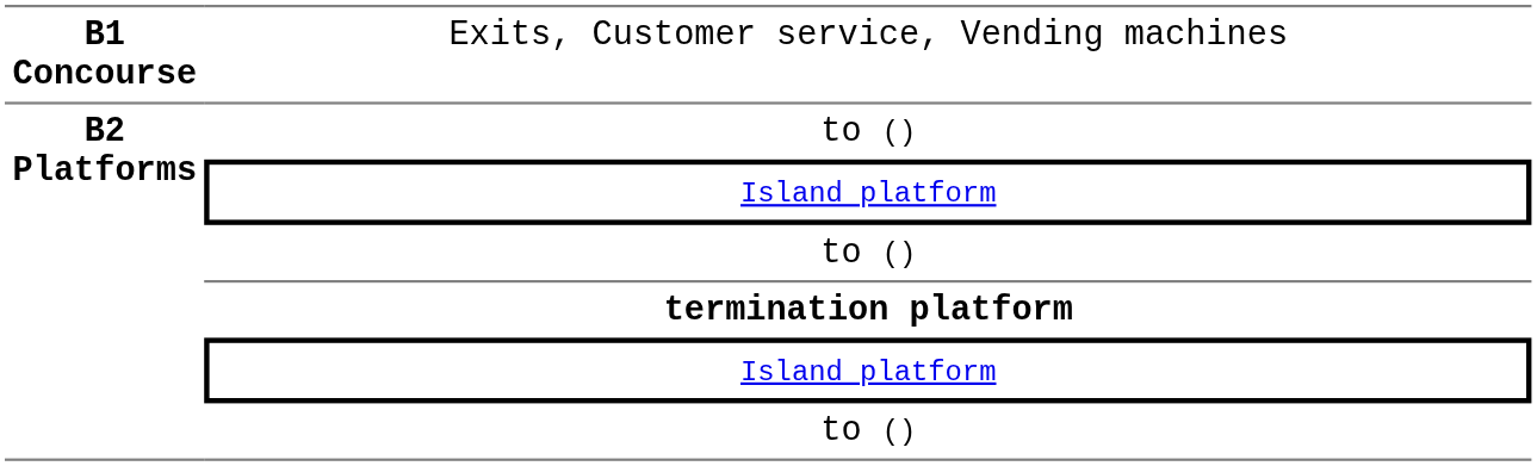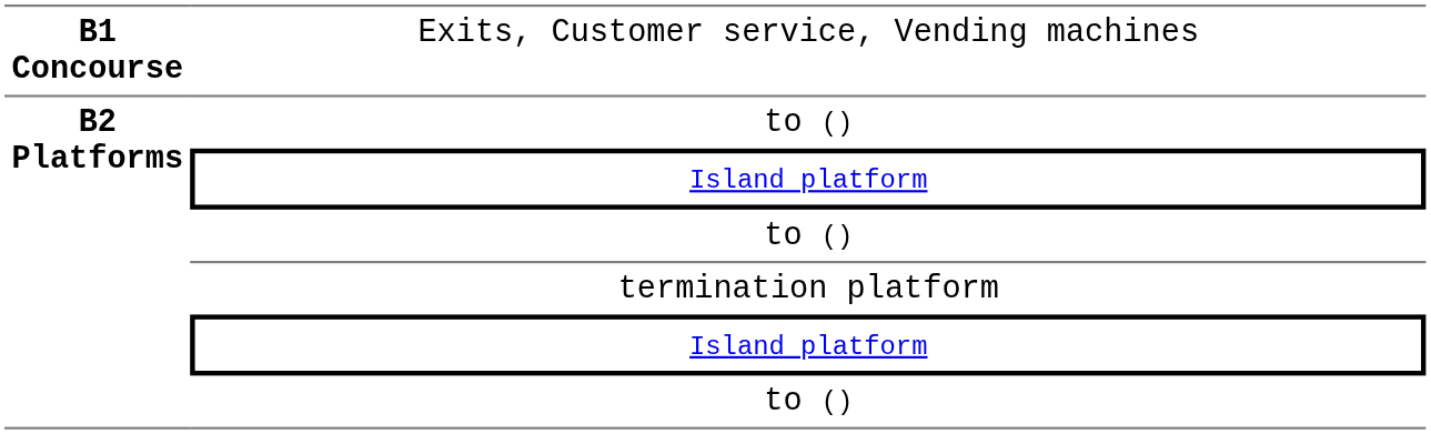 <table table border=0 cellspacing=0 cellpadding=3>
 <tr>
 <td style="border-top:solid 1px gray;text-align:center" valign=top><strong>B1<br>Concourse</strong></td>
 <td style="border-top:solid 1px gray;text-align:center;" valign=top width=500>Exits, Customer service, Vending machines</td>
 </tr>
 <tr>
 <td style="border-bottom:solid 1px gray; border-top:solid 1px gray;text-align:center" rowspan="6" valign=top><strong>B2<br>Platforms</strong></td>
 <td style="border-top:solid 1px gray;text-align:center;">  to  <small>()</small></td>
 </tr>
 <tr>
 <td style="border-right:solid 2px black;border-left:solid 2px black;border-top:solid 2px black;border-bottom:solid 2px black;text-align:center;" colspan=2><small><a href='#'>Island platform</a></small></td>
 </tr>
 <tr>
 <td style="border-bottom:solid 1px gray;text-align:center;">  to  <small>()</small></td>
 </tr>
 <tr>
-<td style="text-align:center;"><strong> termination platform </strong></td>
+<td style="text-align:center;"> termination platform </td>
 </tr>
 <tr>
 <td style="border-right:solid 2px black;border-left:solid 2px black;border-top:solid 2px black;border-bottom:solid 2px black;text-align:center;" colspan=2><small><a href='#'>Island platform</a></small></td>
 </tr>
 <tr>
 <td style="border-bottom:solid 1px gray;text-align:center;"> to  <small>()</small> </td>
 </tr>
 </table>
